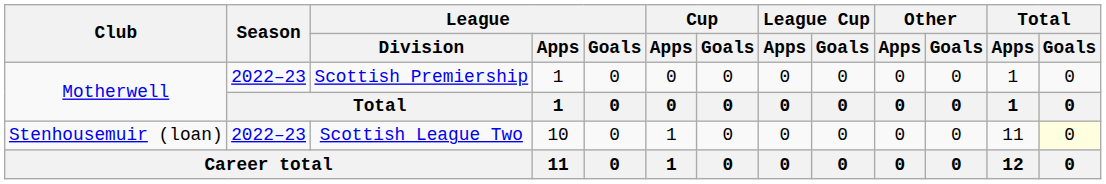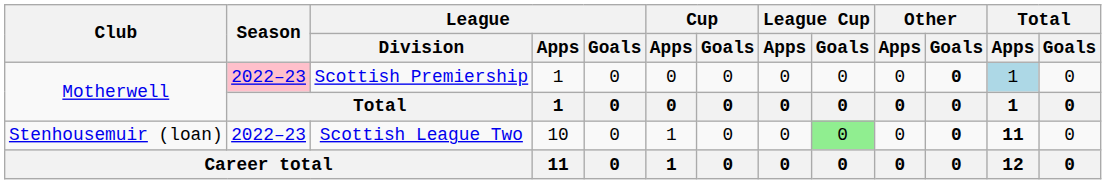 <table class="wikitable" style="text-align: center">
 <tr>
 <th rowspan="2">Club</th>
 <th rowspan="2">Season</th>
 <th colspan="3">League</th>
 <th colspan="2">Cup</th>
 <th colspan="2">League Cup</th>
 <th colspan="2">Other</th>
 <th colspan="2">Total</th>
 </tr>
 <tr>
 <th>Division</th>
 <th>Apps</th>
 <th>Goals</th>
 <th>Apps</th>
 <th>Goals</th>
 <th>Apps</th>
 <th>Goals</th>
 <th>Apps</th>
 <th>Goals</th>
 <th>Apps</th>
 <th>Goals</th>
 </tr>
 <tr>
 <td rowspan=2><a href='#'>Motherwell</a></td>
-<td><a href='#'>2022–23</a></td>
+<td style="background: pink;"><a href='#'>2022–23</a></td>
 <td><a href='#'>Scottish Premiership</a></td>
 <td>1</td>
 <td>0</td>
 <td>0</td>
 <td>0</td>
 <td>0</td>
 <td>0</td>
 <td>0</td>
-<td>0</td>
-<td>1</td>
+<td><strong>0</strong></td>
+<td style="background: lightblue;">1</td>
 <td>0</td>
 </tr>
 <tr>
 <th colspan=2>Total</th>
 <th>1</th>
 <th>0</th>
 <th>0</th>
 <th>0</th>
 <th>0</th>
 <th>0</th>
 <th>0</th>
 <th>0</th>
 <th>1</th>
 <th>0</th>
 </tr>
 <tr>
 <td><a href='#'>Stenhousemuir</a> (loan)</td>
 <td><a href='#'>2022–23</a></td>
 <td><a href='#'>Scottish League Two</a></td>
 <td>10</td>
 <td>0</td>
 <td>1</td>
 <td>0</td>
 <td>0</td>
+<td style="background: lightgreen;">0</td>
 <td>0</td>
+<td><strong>0</strong></td>
+<td><strong>11</strong></td>
 <td>0</td>
-<td>0</td>
-<td>11</td>
-<td style="background: lightyellow;">0</td>
 </tr>
 <tr>
 <th colspan="3">Career total</th>
 <th>11</th>
 <th>0</th>
 <th>1</th>
 <th>0</th>
 <th>0</th>
 <th>0</th>
 <th>0</th>
 <th>0</th>
 <th>12</th>
 <th>0</th>
 </tr>
 </table>
